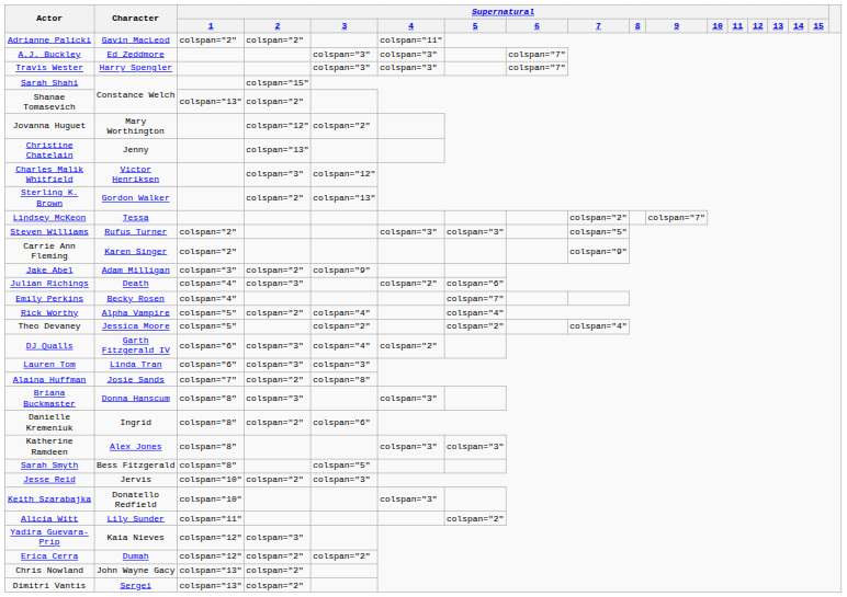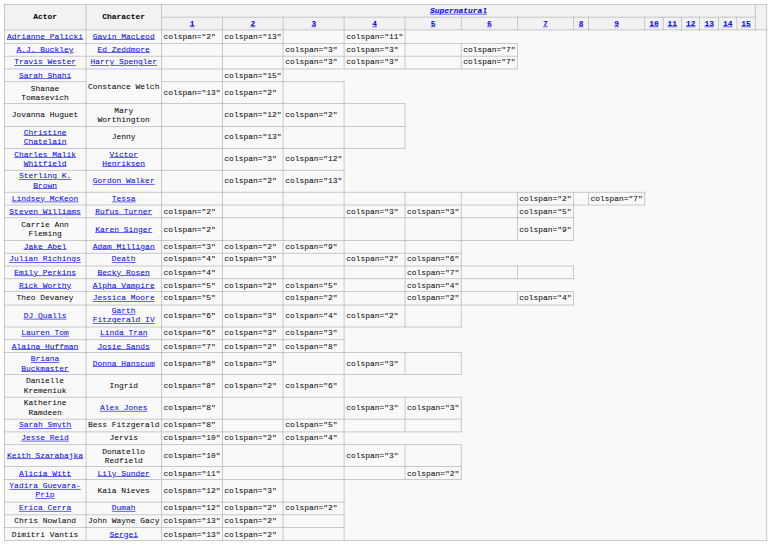 <table class="wikitable plainrowheaders" style="width:99%">
 <tr>
 <th rowspan="2" style="width:20%">Actor</th>
 <th rowspan="2" style="width:16%">Character</th>
 <th colspan="15"><em><a href='#'>Supernatural</a></em></th>
 <th rowspan="2" scope="col" style="width:4%;"><em><a href='#'></a></em></th>
 </tr>
 <tr>
 <th scope="col" style="width:4%;"><a href='#'>1</a></th>
 <th scope="col" style="width:4%;"><a href='#'>2</a></th>
 <th scope="col" style="width:4%;"><a href='#'>3</a></th>
 <th scope="col" style="width:4%;"><a href='#'>4</a></th>
 <th scope="col" style="width:4%;"><a href='#'>5</a></th>
 <th scope="col" style="width:4%;"><a href='#'>6</a></th>
 <th scope="col" style="width:4%;"><a href='#'>7</a></th>
 <th scope="col" style="width:4%;"><a href='#'>8</a></th>
 <th scope="col" style="width:4%;"><a href='#'>9</a></th>
 <th scope="col" style="width:4%;"><a href='#'>10</a></th>
 <th scope="col" style="width:4%;"><a href='#'>11</a></th>
 <th scope="col" style="width:4%;"><a href='#'>12</a></th>
 <th scope="col" style="width:4%;"><a href='#'>13</a></th>
 <th scope="col" style="width:4%;"><a href='#'>14</a></th>
 <th scope="col" style="width:4%;"><a href='#'>15</a></th>
 </tr>
 <tr>
 <td style="text-align:center;"><a href='#'>Adrianne Palicki</a></td>
 <td style="text-align:center;"><a href='#'>Gavin MacLeod</a></td>
 <td>colspan="2" </td>
-<td>colspan="2" </td>
+<td>colspan="13" </td>
 <td></td>
 <td>colspan="11" </td>
 </tr>
 <tr>
 <td style="text-align:center;"><a href='#'>A.J. Buckley</a></td>
 <td style="text-align:center;"><a href='#'>Ed Zeddmore</a></td>
 <td></td>
 <td></td>
 <td>colspan="3" </td>
 <td>colspan="3" </td>
 <td></td>
 <td>colspan="7" </td>
 </tr>
 <tr>
 <td style="text-align:center;"><a href='#'>Travis Wester</a></td>
 <td style="text-align:center;"><a href='#'>Harry Spengler</a></td>
 <td></td>
 <td></td>
 <td>colspan="3" </td>
 <td>colspan="3" </td>
 <td></td>
 <td>colspan="7" </td>
 </tr>
 <tr>
 <td style="text-align:center;"><a href='#'>Sarah Shahi</a></td>
 <td rowspan="2" style="text-align:center;">Constance Welch</td>
 <td></td>
 <td>colspan="15" </td>
 </tr>
 <tr>
 <td style="text-align:center;">Shanae Tomasevich</td>
 <td>colspan="13" </td>
 <td>colspan="2" </td>
 <td></td>
 </tr>
 <tr>
 <td style="text-align:center;">Jovanna Huguet</td>
 <td style="text-align:center;">Mary Worthington</td>
 <td></td>
 <td>colspan="12" </td>
 <td>colspan="2" </td>
 <td></td>
 </tr>
 <tr>
 <td style="text-align:center;"><a href='#'>Christine Chatelain</a></td>
 <td style="text-align:center;">Jenny</td>
 <td></td>
 <td>colspan="13" </td>
 <td></td>
 <td></td>
 </tr>
 <tr>
 <td style="text-align:center;"><a href='#'>Charles Malik Whitfield</a></td>
 <td style="text-align:center;"><a href='#'>Victor Henriksen</a></td>
 <td></td>
 <td>colspan="3" </td>
 <td>colspan="12" </td>
 </tr>
 <tr>
 <td style="text-align:center;"><a href='#'>Sterling K. Brown</a></td>
 <td style="text-align:center;"><a href='#'>Gordon Walker</a></td>
 <td></td>
 <td>colspan="2" </td>
 <td>colspan="13" </td>
 </tr>
 <tr>
 <td style="text-align:center;"><a href='#'>Lindsey McKeon</a></td>
 <td style="text-align:center;"><a href='#'>Tessa</a></td>
 <td></td>
 <td></td>
 <td></td>
 <td></td>
 <td></td>
 <td></td>
 <td>colspan="2" </td>
 <td></td>
 <td>colspan="7" </td>
 </tr>
 <tr>
 <td style="text-align:center;"><a href='#'>Steven Williams</a></td>
 <td style="text-align:center;"><a href='#'>Rufus Turner</a></td>
 <td>colspan="2" </td>
 <td></td>
 <td></td>
 <td>colspan="3" </td>
 <td>colspan="3" </td>
 <td></td>
 <td>colspan="5" </td>
 </tr>
 <tr>
 <td style="text-align:center;">Carrie Ann Fleming</td>
 <td style="text-align:center;"><a href='#'>Karen Singer</a></td>
 <td>colspan="2" </td>
 <td></td>
 <td></td>
 <td></td>
 <td></td>
 <td></td>
 <td>colspan="9" </td>
 </tr>
 <tr>
 <td style="text-align:center;"><a href='#'>Jake Abel</a></td>
 <td style="text-align:center;"><a href='#'>Adam Milligan</a></td>
 <td>colspan="3" </td>
 <td>colspan="2" </td>
 <td>colspan="9" </td>
 <td></td>
 <td></td>
 </tr>
 <tr>
 <td style="text-align:center;"><a href='#'>Julian Richings</a></td>
 <td style="text-align:center;"><a href='#'>Death</a></td>
 <td>colspan="4" </td>
 <td>colspan="3" </td>
 <td></td>
 <td>colspan="2" </td>
 <td>colspan="6" </td>
 </tr>
 <tr>
 <td style="text-align:center;"><a href='#'>Emily Perkins</a></td>
 <td style="text-align:center;"><a href='#'>Becky Rosen</a></td>
 <td>colspan="4" </td>
 <td></td>
 <td></td>
 <td></td>
 <td>colspan="7" </td>
 <td></td>
 <td></td>
 </tr>
 <tr>
 <td style="text-align:center;"><a href='#'>Rick Worthy</a></td>
 <td style="text-align:center;"><a href='#'>Alpha Vampire</a></td>
 <td>colspan="5" </td>
 <td>colspan="2" </td>
-<td>colspan="4" </td>
+<td>colspan="5" </td>
 <td></td>
 <td>colspan="4" </td>
 </tr>
 <tr>
 <td style="text-align:center;">Theo Devaney</td>
 <td style="text-align:center;"><a href='#'>Jessica Moore</a></td>
 <td>colspan="5" </td>
 <td></td>
 <td>colspan="2" </td>
 <td></td>
 <td>colspan="2" </td>
 <td></td>
 <td>colspan="4" </td>
 </tr>
 <tr>
 <td style="text-align:center;"><a href='#'>DJ Qualls</a></td>
 <td style="text-align:center;"><a href='#'>Garth Fitzgerald IV</a></td>
 <td>colspan="6" </td>
 <td>colspan="3" </td>
 <td>colspan="4" </td>
 <td>colspan="2" </td>
 <td></td>
 </tr>
 <tr>
 <td style="text-align:center;"><a href='#'>Lauren Tom</a></td>
 <td style="text-align:center;"><a href='#'>Linda Tran</a></td>
 <td>colspan="6" </td>
 <td>colspan="3" </td>
 <td>colspan="3" </td>
 </tr>
 <tr>
 <td style="text-align:center;"><a href='#'>Alaina Huffman</a></td>
 <td style="text-align:center;"><a href='#'>Josie Sands</a></td>
 <td>colspan="7" </td>
 <td>colspan="2" </td>
 <td>colspan="8" </td>
 </tr>
 <tr>
 <td style="text-align:center;"><a href='#'>Briana Buckmaster</a></td>
 <td style="text-align:center;"><a href='#'>Donna Hanscum</a></td>
 <td>colspan="8" </td>
 <td>colspan="3" </td>
 <td></td>
 <td>colspan="3" </td>
 <td></td>
 </tr>
 <tr>
 <td style="text-align:center;">Danielle Kremeniuk</td>
 <td style="text-align:center;">Ingrid</td>
 <td>colspan="8" </td>
 <td>colspan="2" </td>
 <td>colspan="6" </td>
 </tr>
 <tr>
 <td style="text-align:center;">Katherine Ramdeen</td>
 <td style="text-align:center;"><a href='#'>Alex Jones</a></td>
 <td>colspan="8" </td>
 <td></td>
 <td></td>
 <td>colspan="3" </td>
 <td>colspan="3" </td>
 </tr>
 <tr>
 <td style="text-align:center;"><a href='#'>Sarah Smyth</a></td>
 <td style="text-align:center;">Bess Fitzgerald</td>
 <td>colspan="8" </td>
 <td></td>
 <td>colspan="5" </td>
 <td></td>
 <td></td>
 </tr>
 <tr>
 <td style="text-align:center;"><a href='#'>Jesse Reid</a></td>
 <td style="text-align:center;">Jervis</td>
 <td>colspan="10" </td>
 <td>colspan="2" </td>
-<td>colspan="3" </td>
+<td>colspan="4" </td>
 </tr>
 <tr>
 <td style="text-align:center;"><a href='#'>Keith Szarabajka</a></td>
 <td style="text-align:center;">Donatello Redfield</td>
 <td>colspan="10" </td>
 <td></td>
 <td></td>
 <td>colspan="3" </td>
 <td></td>
 </tr>
 <tr>
 <td style="text-align:center;"><a href='#'>Alicia Witt</a></td>
 <td style="text-align:center;"><a href='#'>Lily Sunder</a></td>
 <td>colspan="11" </td>
 <td></td>
 <td></td>
 <td></td>
 <td>colspan="2" </td>
 </tr>
 <tr>
 <td style="text-align:center;"><a href='#'>Yadira Guevara-Prip</a></td>
 <td style="text-align:center;">Kaia Nieves</td>
 <td>colspan="12" </td>
 <td>colspan="3" </td>
 <td></td>
 </tr>
 <tr>
 <td style="text-align:center;"><a href='#'>Erica Cerra</a></td>
 <td style="text-align:center;"><a href='#'>Dumah</a></td>
 <td>colspan="12" </td>
 <td>colspan="2" </td>
 <td>colspan="2" </td>
 </tr>
 <tr>
 <td style="text-align:center;">Chris Nowland</td>
 <td style="text-align:center;">John Wayne Gacy</td>
 <td>colspan="13" </td>
 <td>colspan="2" </td>
 <td></td>
 </tr>
 <tr>
 <td style="text-align:center;">Dimitri Vantis</td>
 <td style="text-align:center;"><a href='#'>Sergei</a></td>
 <td>colspan="13" </td>
 <td>colspan="2" </td>
 <td></td>
 </tr>
 </table>
